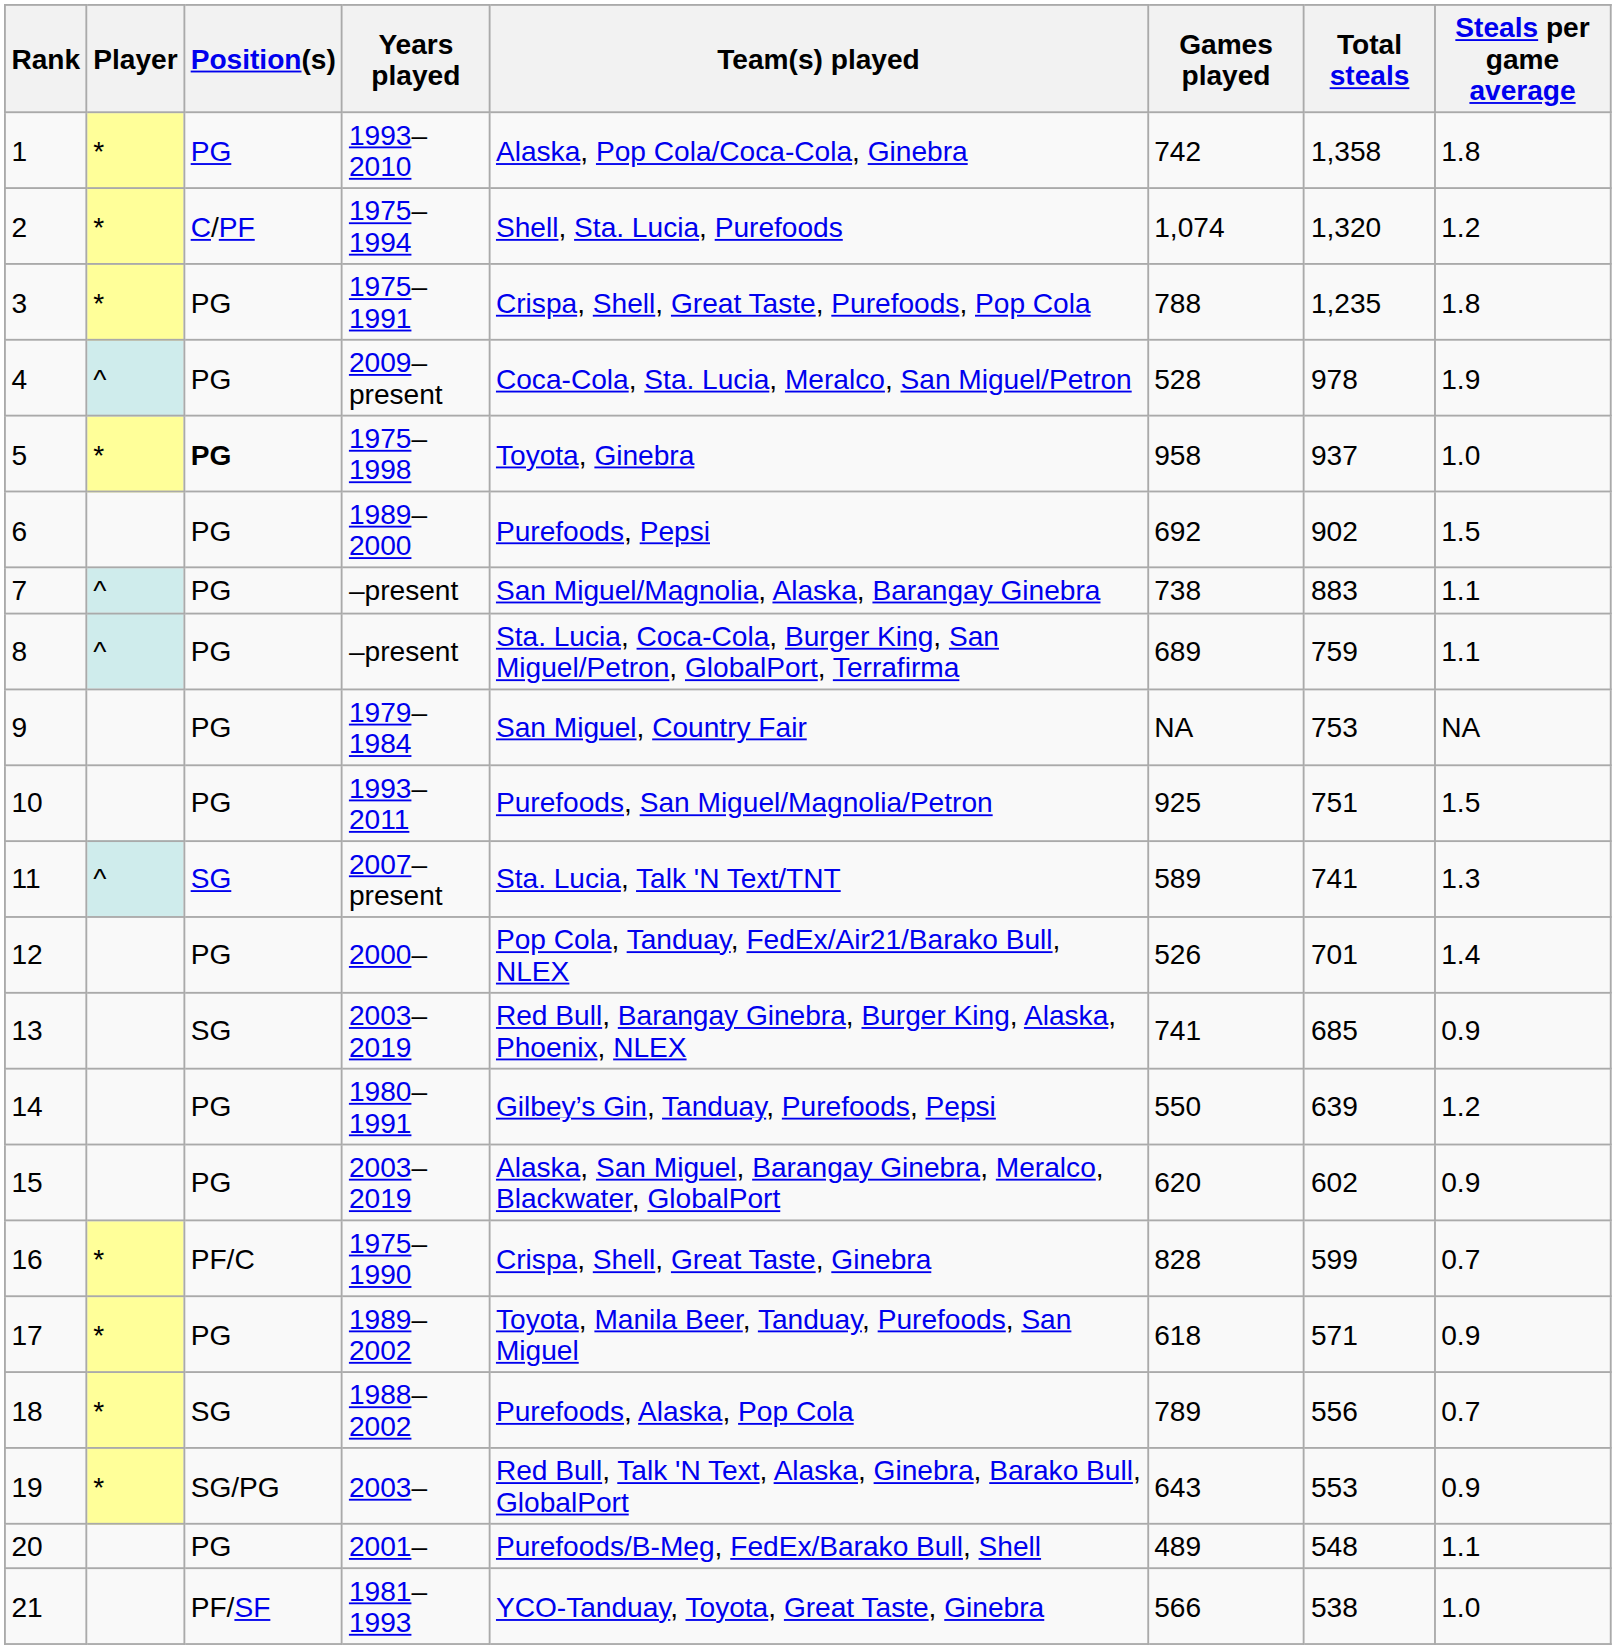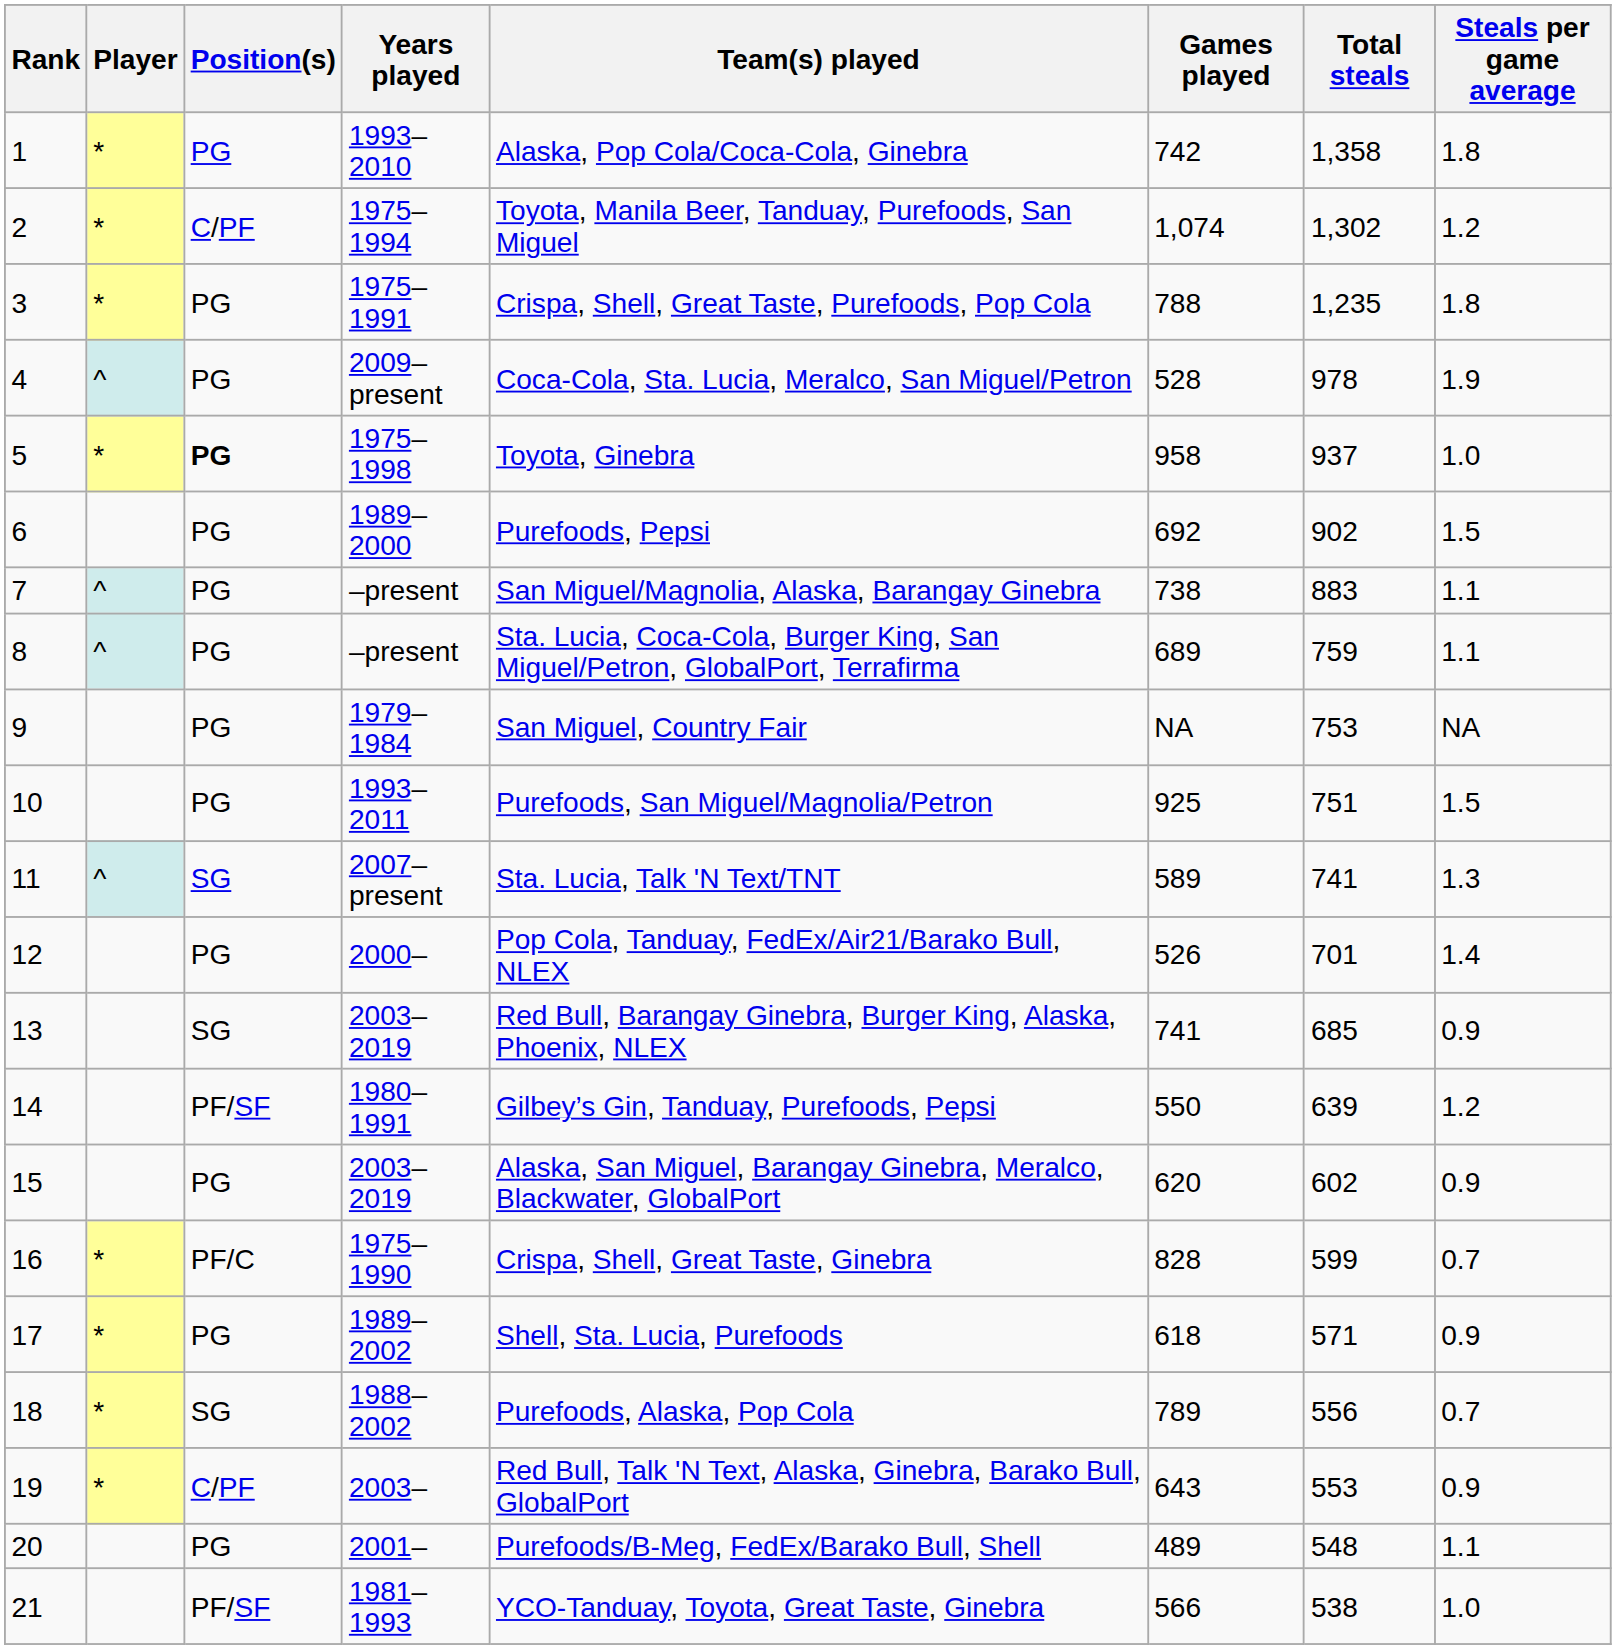 <table class="wikitable sortable" style="font-size: 95%;">
 <tr>
 <th>Rank</th>
 <th>Player</th>
 <th><a href='#'>Position</a>(s)</th>
 <th>Years played</th>
 <th class="unsortable">Team(s) played</th>
 <th>Games played</th>
 <th>Total <a href='#'>steals</a></th>
 <th><a href='#'>Steals</a> per game<br><a href='#'>average</a></th>
 </tr>
 <tr>
 <td>1</td>
 <td bgcolor="#FFFF99">*</td>
 <td><a href='#'>PG</a></td>
 <td><a href='#'>1993</a>–<a href='#'>2010</a></td>
 <td><a href='#'>Alaska</a>, <a href='#'>Pop Cola/Coca-Cola</a>, <a href='#'>Ginebra</a></td>
 <td>742</td>
 <td>1,358</td>
 <td>1.8</td>
 </tr>
 <tr>
 <td>2</td>
 <td bgcolor="#FFFF99">*</td>
 <td><a href='#'>C</a>/<a href='#'>PF</a></td>
 <td><a href='#'>1975</a>–<a href='#'>1994</a></td>
-<td><a href='#'>Shell</a>, <a href='#'>Sta. Lucia</a>, <a href='#'>Purefoods</a></td>
+<td><a href='#'>Toyota</a>, <a href='#'>Manila Beer</a>, <a href='#'>Tanduay</a>, <a href='#'>Purefoods</a>, <a href='#'>San Miguel</a></td>
 <td>1,074</td>
-<td>1,320</td>
+<td>1,302</td>
 <td>1.2</td>
 </tr>
 <tr>
 <td>3</td>
 <td bgcolor="#FFFF99">*</td>
 <td>PG</td>
 <td><a href='#'>1975</a>–<a href='#'>1991</a></td>
 <td><a href='#'>Crispa</a>, <a href='#'>Shell</a>, <a href='#'>Great Taste</a>, <a href='#'>Purefoods</a>, <a href='#'>Pop Cola</a></td>
 <td>788</td>
 <td>1,235</td>
 <td>1.8</td>
 </tr>
 <tr>
 <td>4</td>
 <td style="background:#CFECEC"><em></em>^</td>
 <td>PG</td>
 <td><a href='#'>2009</a>–present</td>
 <td><a href='#'>Coca-Cola</a>, <a href='#'>Sta. Lucia</a>, <a href='#'>Meralco</a>, <a href='#'>San Miguel/Petron</a></td>
 <td>528</td>
 <td>978</td>
 <td>1.9</td>
 </tr>
 <tr>
 <td>5</td>
 <td bgcolor="#FFFF99">*</td>
 <td><strong>PG</strong></td>
 <td><a href='#'>1975</a>–<a href='#'>1998</a></td>
 <td><a href='#'>Toyota</a>, <a href='#'>Ginebra</a></td>
 <td>958</td>
 <td>937</td>
 <td>1.0</td>
 </tr>
 <tr>
 <td>6</td>
 <td></td>
 <td>PG</td>
 <td><a href='#'>1989</a>–<a href='#'>2000</a></td>
 <td><a href='#'>Purefoods</a>, <a href='#'>Pepsi</a></td>
 <td>692</td>
 <td>902</td>
 <td>1.5</td>
 </tr>
 <tr>
 <td>7</td>
 <td style="background:#CFECEC"><em></em>^</td>
 <td>PG</td>
 <td>–present</td>
 <td><a href='#'>San Miguel/Magnolia</a>, <a href='#'>Alaska</a>, <a href='#'>Barangay Ginebra</a></td>
 <td>738</td>
 <td>883</td>
 <td>1.1</td>
 </tr>
 <tr>
 <td>8</td>
 <td bgcolor="#CFECEC"><em></em>^</td>
 <td>PG</td>
 <td>–present</td>
 <td><a href='#'>Sta. Lucia</a>, <a href='#'>Coca-Cola</a>, <a href='#'>Burger King</a>, <a href='#'>San Miguel/Petron</a>, <a href='#'>GlobalPort</a>, <a href='#'>Terrafirma</a></td>
 <td>689</td>
 <td>759</td>
 <td>1.1</td>
 </tr>
 <tr>
 <td>9</td>
 <td></td>
 <td>PG</td>
 <td><a href='#'>1979</a>–<a href='#'>1984</a></td>
 <td><a href='#'>San Miguel</a>, <a href='#'>Country Fair</a></td>
 <td>NA</td>
 <td>753</td>
 <td>NA</td>
 </tr>
 <tr>
 <td>10</td>
 <td></td>
 <td>PG</td>
 <td><a href='#'>1993</a>–<a href='#'>2011</a></td>
 <td><a href='#'>Purefoods</a>, <a href='#'>San Miguel/Magnolia/Petron</a></td>
 <td>925</td>
 <td>751</td>
 <td>1.5</td>
 </tr>
 <tr>
 <td>11</td>
 <td bgcolor="#CFECEC"><em></em>^</td>
 <td><a href='#'>SG</a></td>
 <td><a href='#'>2007</a>–present</td>
 <td><a href='#'>Sta. Lucia</a>, <a href='#'>Talk 'N Text/TNT</a></td>
 <td>589</td>
 <td>741</td>
 <td>1.3</td>
 </tr>
 <tr>
 <td>12</td>
 <td></td>
 <td>PG</td>
 <td><a href='#'>2000</a>–</td>
 <td><a href='#'>Pop Cola</a>, <a href='#'>Tanduay</a>, <a href='#'>FedEx/Air21/Barako Bull</a>, <a href='#'>NLEX</a></td>
 <td>526</td>
 <td>701</td>
 <td>1.4</td>
 </tr>
 <tr>
 <td>13</td>
 <td></td>
 <td>SG</td>
 <td><a href='#'>2003</a>–<a href='#'>2019</a></td>
 <td><a href='#'>Red Bull</a>, <a href='#'>Barangay Ginebra</a>, <a href='#'>Burger King</a>, <a href='#'>Alaska</a>, <a href='#'>Phoenix</a>, <a href='#'>NLEX</a></td>
 <td>741</td>
 <td>685</td>
 <td>0.9</td>
 </tr>
 <tr>
 <td>14</td>
 <td></td>
-<td>PG</td>
+<td>PF/<a href='#'>SF</a></td>
 <td><a href='#'>1980</a>–<a href='#'>1991</a></td>
 <td><a href='#'>Gilbey’s Gin</a>, <a href='#'>Tanduay</a>, <a href='#'>Purefoods</a>, <a href='#'>Pepsi</a></td>
 <td>550</td>
 <td>639</td>
 <td>1.2</td>
 </tr>
 <tr>
 <td>15</td>
 <td></td>
 <td>PG</td>
 <td><a href='#'>2003</a>–<a href='#'>2019</a></td>
 <td><a href='#'>Alaska</a>, <a href='#'>San Miguel</a>, <a href='#'>Barangay Ginebra</a>, <a href='#'>Meralco</a>, <a href='#'>Blackwater</a>, <a href='#'>GlobalPort</a></td>
 <td>620</td>
 <td>602</td>
 <td>0.9</td>
 </tr>
 <tr>
 <td>16</td>
 <td bgcolor="#FFFF99">*</td>
 <td>PF/C</td>
 <td><a href='#'>1975</a>–<a href='#'>1990</a></td>
 <td><a href='#'>Crispa</a>, <a href='#'>Shell</a>, <a href='#'>Great Taste</a>, <a href='#'>Ginebra</a></td>
 <td>828</td>
 <td>599</td>
 <td>0.7</td>
 </tr>
 <tr>
 <td>17</td>
 <td bgcolor="#FFFF99">*</td>
 <td>PG</td>
 <td><a href='#'>1989</a>–<a href='#'>2002</a></td>
-<td><a href='#'>Toyota</a>, <a href='#'>Manila Beer</a>, <a href='#'>Tanduay</a>, <a href='#'>Purefoods</a>, <a href='#'>San Miguel</a></td>
+<td><a href='#'>Shell</a>, <a href='#'>Sta. Lucia</a>, <a href='#'>Purefoods</a></td>
 <td>618</td>
 <td>571</td>
 <td>0.9</td>
 </tr>
 <tr>
 <td>18</td>
 <td bgcolor="#FFFF99">*</td>
 <td>SG</td>
 <td><a href='#'>1988</a>–<a href='#'>2002</a></td>
 <td><a href='#'>Purefoods</a>, <a href='#'>Alaska</a>, <a href='#'>Pop Cola</a></td>
 <td>789</td>
 <td>556</td>
 <td>0.7</td>
 </tr>
 <tr>
 <td>19</td>
 <td style="background:#FFFF99">*</td>
-<td>SG/PG</td>
+<td><a href='#'>C</a>/<a href='#'>PF</a></td>
 <td><a href='#'>2003</a>–</td>
 <td><a href='#'>Red Bull</a>, <a href='#'>Talk 'N Text</a>, <a href='#'>Alaska</a>, <a href='#'>Ginebra</a>, <a href='#'>Barako Bull</a>, <a href='#'>GlobalPort</a></td>
 <td>643</td>
 <td>553</td>
 <td>0.9</td>
 </tr>
 <tr>
 <td>20</td>
 <td></td>
 <td>PG</td>
 <td><a href='#'>2001</a>–</td>
 <td><a href='#'>Purefoods/B-Meg</a>, <a href='#'>FedEx/Barako Bull</a>, <a href='#'>Shell</a></td>
 <td>489</td>
 <td>548</td>
 <td>1.1</td>
 </tr>
 <tr>
 <td>21</td>
 <td></td>
 <td>PF/<a href='#'>SF</a></td>
 <td><a href='#'>1981</a>–<a href='#'>1993</a></td>
 <td><a href='#'>YCO-Tanduay</a>, <a href='#'>Toyota</a>, <a href='#'>Great Taste</a>, <a href='#'>Ginebra</a></td>
 <td>566</td>
 <td>538</td>
 <td>1.0</td>
 </tr>
 </table>
